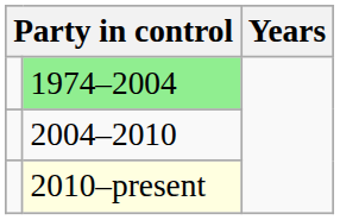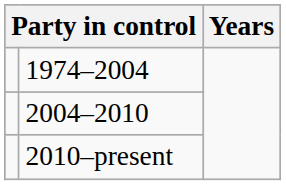 <table class="wikitable">
 <tr>
 <th colspan=2>Party in control</th>
 <th>Years</th>
 </tr>
 <tr>
 <td></td>
-<td style="background: lightgreen;">1974–2004</td>
+<td>1974–2004</td>
 </tr>
 <tr>
 <td></td>
 <td>2004–2010</td>
 </tr>
 <tr>
 <td></td>
-<td style="background: lightyellow;">2010–present</td>
+<td>2010–present</td>
 </tr>
 </table>
